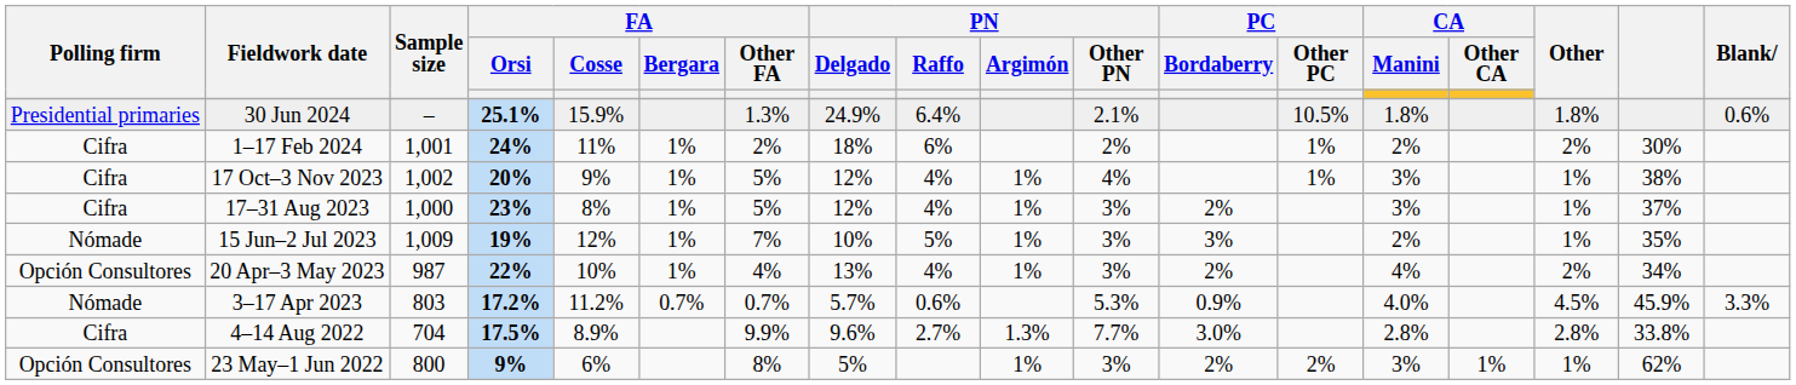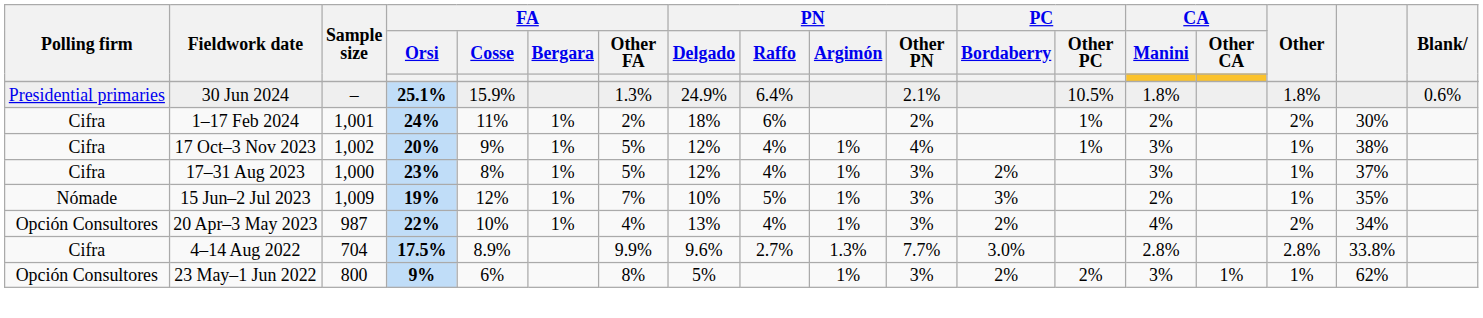 <table class="wikitable sortable collapsible collapsed mw-datatable" style="text-align:center;font-size:90%;line-height:14px;">
 <tr>
 <th rowspan="3">Polling firm</th>
 <th rowspan="3">Fieldwork date</th>
 <th rowspan="3">Sample<br>size</th>
 <th style="width:50px;" class="unsortable" colspan="4"><a href='#'>FA</a></th>
 <th style="width:50px;" class="unsortable" colspan="4"><a href='#'>PN</a></th>
 <th style="width:50px;" class="unsortable" colspan="2"><a href='#'>PC</a></th>
 <th style="width:50px;" class="unsortable" colspan="2"><a href='#'>CA</a></th>
 <th rowspan="3" style="width:50px;" class="unsortable">Other</th>
 <th rowspan="3" style="width:50px;" class="unsortable"></th>
 <th rowspan="3" style="width:50px;" class="unsortable">Blank/<br></th>
 </tr>
 <tr>
 <th style="width:50px;" class="unsortable"><a href='#'>Orsi</a></th>
 <th style="width:50px;" class="unsortable"><a href='#'>Cosse</a></th>
 <th style="width:50px;" class="unsortable"><a href='#'>Bergara</a></th>
 <th style="width:50px;" class="unsortable">Other FA</th>
 <th style="width:50px;" class="unsortable"><a href='#'>Delgado</a></th>
 <th style="width:50px;" class="unsortable"><a href='#'>Raffo</a></th>
 <th style="width:50px;" class="unsortable"><a href='#'>Argimón</a></th>
 <th style="width:50px;" class="unsortable">Other PN</th>
 <th style="width:50px;" class="unsortable"><a href='#'>Bordaberry</a></th>
 <th style="width:50px;" class="unsortable">Other PC</th>
 <th style="width:50px;" class="unsortable"><a href='#'>Manini</a></th>
 <th style="width:50px;" class="unsortable">Other CA</th>
 </tr>
 <tr>
 <th data-sort-type="number" style="background:"></th>
 <th data-sort-type="number" style="background:"></th>
 <th data-sort-type="number" style="background:"></th>
 <th data-sort-type="number" style="background:"></th>
 <th data-sort-type="number" style="background:"></th>
 <th data-sort-type="number" style="background:"></th>
 <th data-sort-type="number" style="background:"></th>
 <th data-sort-type="number" style="background:"></th>
 <th data-sort-type="number" style="background:"></th>
 <th data-sort-type="number" style="background:"></th>
 <th data-sort-type="number" style="background:#FBC22B"></th>
 <th data-sort-type="number" style="background:#FBC22B"></th>
 </tr>
 <tr>
 </tr>
 <tr style="background:#EFEFEF;">
 <td><a href='#'>Presidential primaries</a></td>
 <td>30 Jun 2024</td>
 <td>–</td>
 <td style="background:#C0DDF8;"><strong>25.1%</strong></td>
 <td>15.9%</td>
 <td></td>
 <td>1.3%</td>
 <td>24.9%</td>
 <td>6.4%</td>
 <td></td>
 <td>2.1%</td>
 <td></td>
 <td>10.5%</td>
 <td>1.8%</td>
 <td></td>
 <td>1.8%</td>
 <td></td>
 <td>0.6%</td>
 </tr>
 <tr>
 <td>Cifra</td>
 <td>1–17 Feb 2024</td>
 <td>1,001</td>
 <td style="background:#C0DDF8;"><strong>24%</strong></td>
 <td>11%</td>
 <td>1%</td>
 <td>2%</td>
 <td>18%</td>
 <td>6%</td>
 <td></td>
 <td>2%</td>
 <td></td>
 <td>1%</td>
 <td>2%</td>
 <td></td>
 <td>2%</td>
 <td>30%</td>
 <td></td>
 </tr>
 <tr>
 <td>Cifra</td>
 <td>17 Oct–3 Nov 2023</td>
 <td>1,002</td>
 <td style="background:#C0DDF8;"><strong>20%</strong></td>
 <td>9%</td>
 <td>1%</td>
 <td>5%</td>
 <td>12%</td>
 <td>4%</td>
 <td>1%</td>
 <td>4%</td>
 <td></td>
 <td>1%</td>
 <td>3%</td>
 <td></td>
 <td>1%</td>
 <td>38%</td>
 <td></td>
 </tr>
 <tr>
 <td>Cifra</td>
 <td>17–31 Aug 2023</td>
 <td>1,000</td>
 <td style="background:#C0DDF8;"><strong>23%</strong></td>
 <td>8%</td>
 <td>1%</td>
 <td>5%</td>
 <td>12%</td>
 <td>4%</td>
 <td>1%</td>
 <td>3%</td>
 <td>2%</td>
 <td></td>
 <td>3%</td>
 <td></td>
 <td>1%</td>
 <td>37%</td>
 <td></td>
 </tr>
 <tr>
 <td>Nómade</td>
 <td>15 Jun–2 Jul 2023</td>
 <td>1,009</td>
 <td style="background:#C0DDF8;"><strong>19%</strong></td>
 <td>12%</td>
 <td>1%</td>
 <td>7%</td>
 <td>10%</td>
 <td>5%</td>
 <td>1%</td>
 <td>3%</td>
 <td>3%</td>
 <td></td>
 <td>2%</td>
 <td></td>
 <td>1%</td>
 <td>35%</td>
 <td></td>
 </tr>
 <tr>
 <td>Opción Consultores</td>
 <td>20 Apr–3 May 2023</td>
 <td>987</td>
 <td style="background:#C0DDF8;"><strong>22%</strong></td>
 <td>10%</td>
 <td>1%</td>
 <td>4%</td>
 <td>13%</td>
 <td>4%</td>
 <td>1%</td>
 <td>3%</td>
 <td>2%</td>
 <td></td>
 <td>4%</td>
 <td></td>
 <td>2%</td>
 <td>34%</td>
 <td></td>
 </tr>
 <tr>
-<td>Nómade</td>
-<td>3–17 Apr 2023</td>
-<td>803</td>
-<td style="background:#C0DDF8;"><strong>17.2%</strong></td>
-<td>11.2%</td>
-<td>0.7%</td>
-<td>0.7%</td>
-<td>5.7%</td>
-<td>0.6%</td>
-<td></td>
-<td>5.3%</td>
-<td>0.9%</td>
-<td></td>
-<td>4.0%</td>
-<td></td>
-<td>4.5%</td>
-<td>45.9%</td>
-<td>3.3%</td>
-</tr>
-<tr>
 <td>Cifra</td>
 <td>4–14 Aug 2022</td>
 <td>704</td>
 <td style="background:#C0DDF8;"><strong>17.5%</strong></td>
 <td>8.9%</td>
 <td></td>
 <td>9.9%</td>
 <td>9.6%</td>
 <td>2.7%</td>
 <td>1.3%</td>
 <td>7.7%</td>
 <td>3.0%</td>
 <td></td>
 <td>2.8%</td>
 <td></td>
 <td>2.8%</td>
 <td>33.8%</td>
 <td></td>
 </tr>
 <tr>
 <td>Opción Consultores</td>
 <td>23 May–1 Jun 2022</td>
 <td>800</td>
 <td style="background:#C0DDF8;"><strong>9%</strong></td>
 <td>6%</td>
 <td></td>
 <td>8%</td>
 <td>5%</td>
 <td></td>
 <td>1%</td>
 <td>3%</td>
 <td>2%</td>
 <td>2%</td>
 <td>3%</td>
 <td>1%</td>
 <td>1%</td>
 <td>62%</td>
 <td></td>
 </tr>
 </table>
